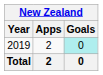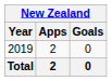 <table class="wikitable" style="text-align:center">
 <tr>
 <th colspan=3><a href='#'>New Zealand</a></th>
 </tr>
 <tr>
 <th>Year</th>
 <th>Apps</th>
 <th>Goals</th>
 </tr>
 <tr>
 <td>2019</td>
 <td>2</td>
-<td style="background: paleturquoise;">0</td>
+<td>0</td>
 </tr>
 <tr>
 <th>Total</th>
 <th>2</th>
 <th>0</th>
 </tr>
 </table>
